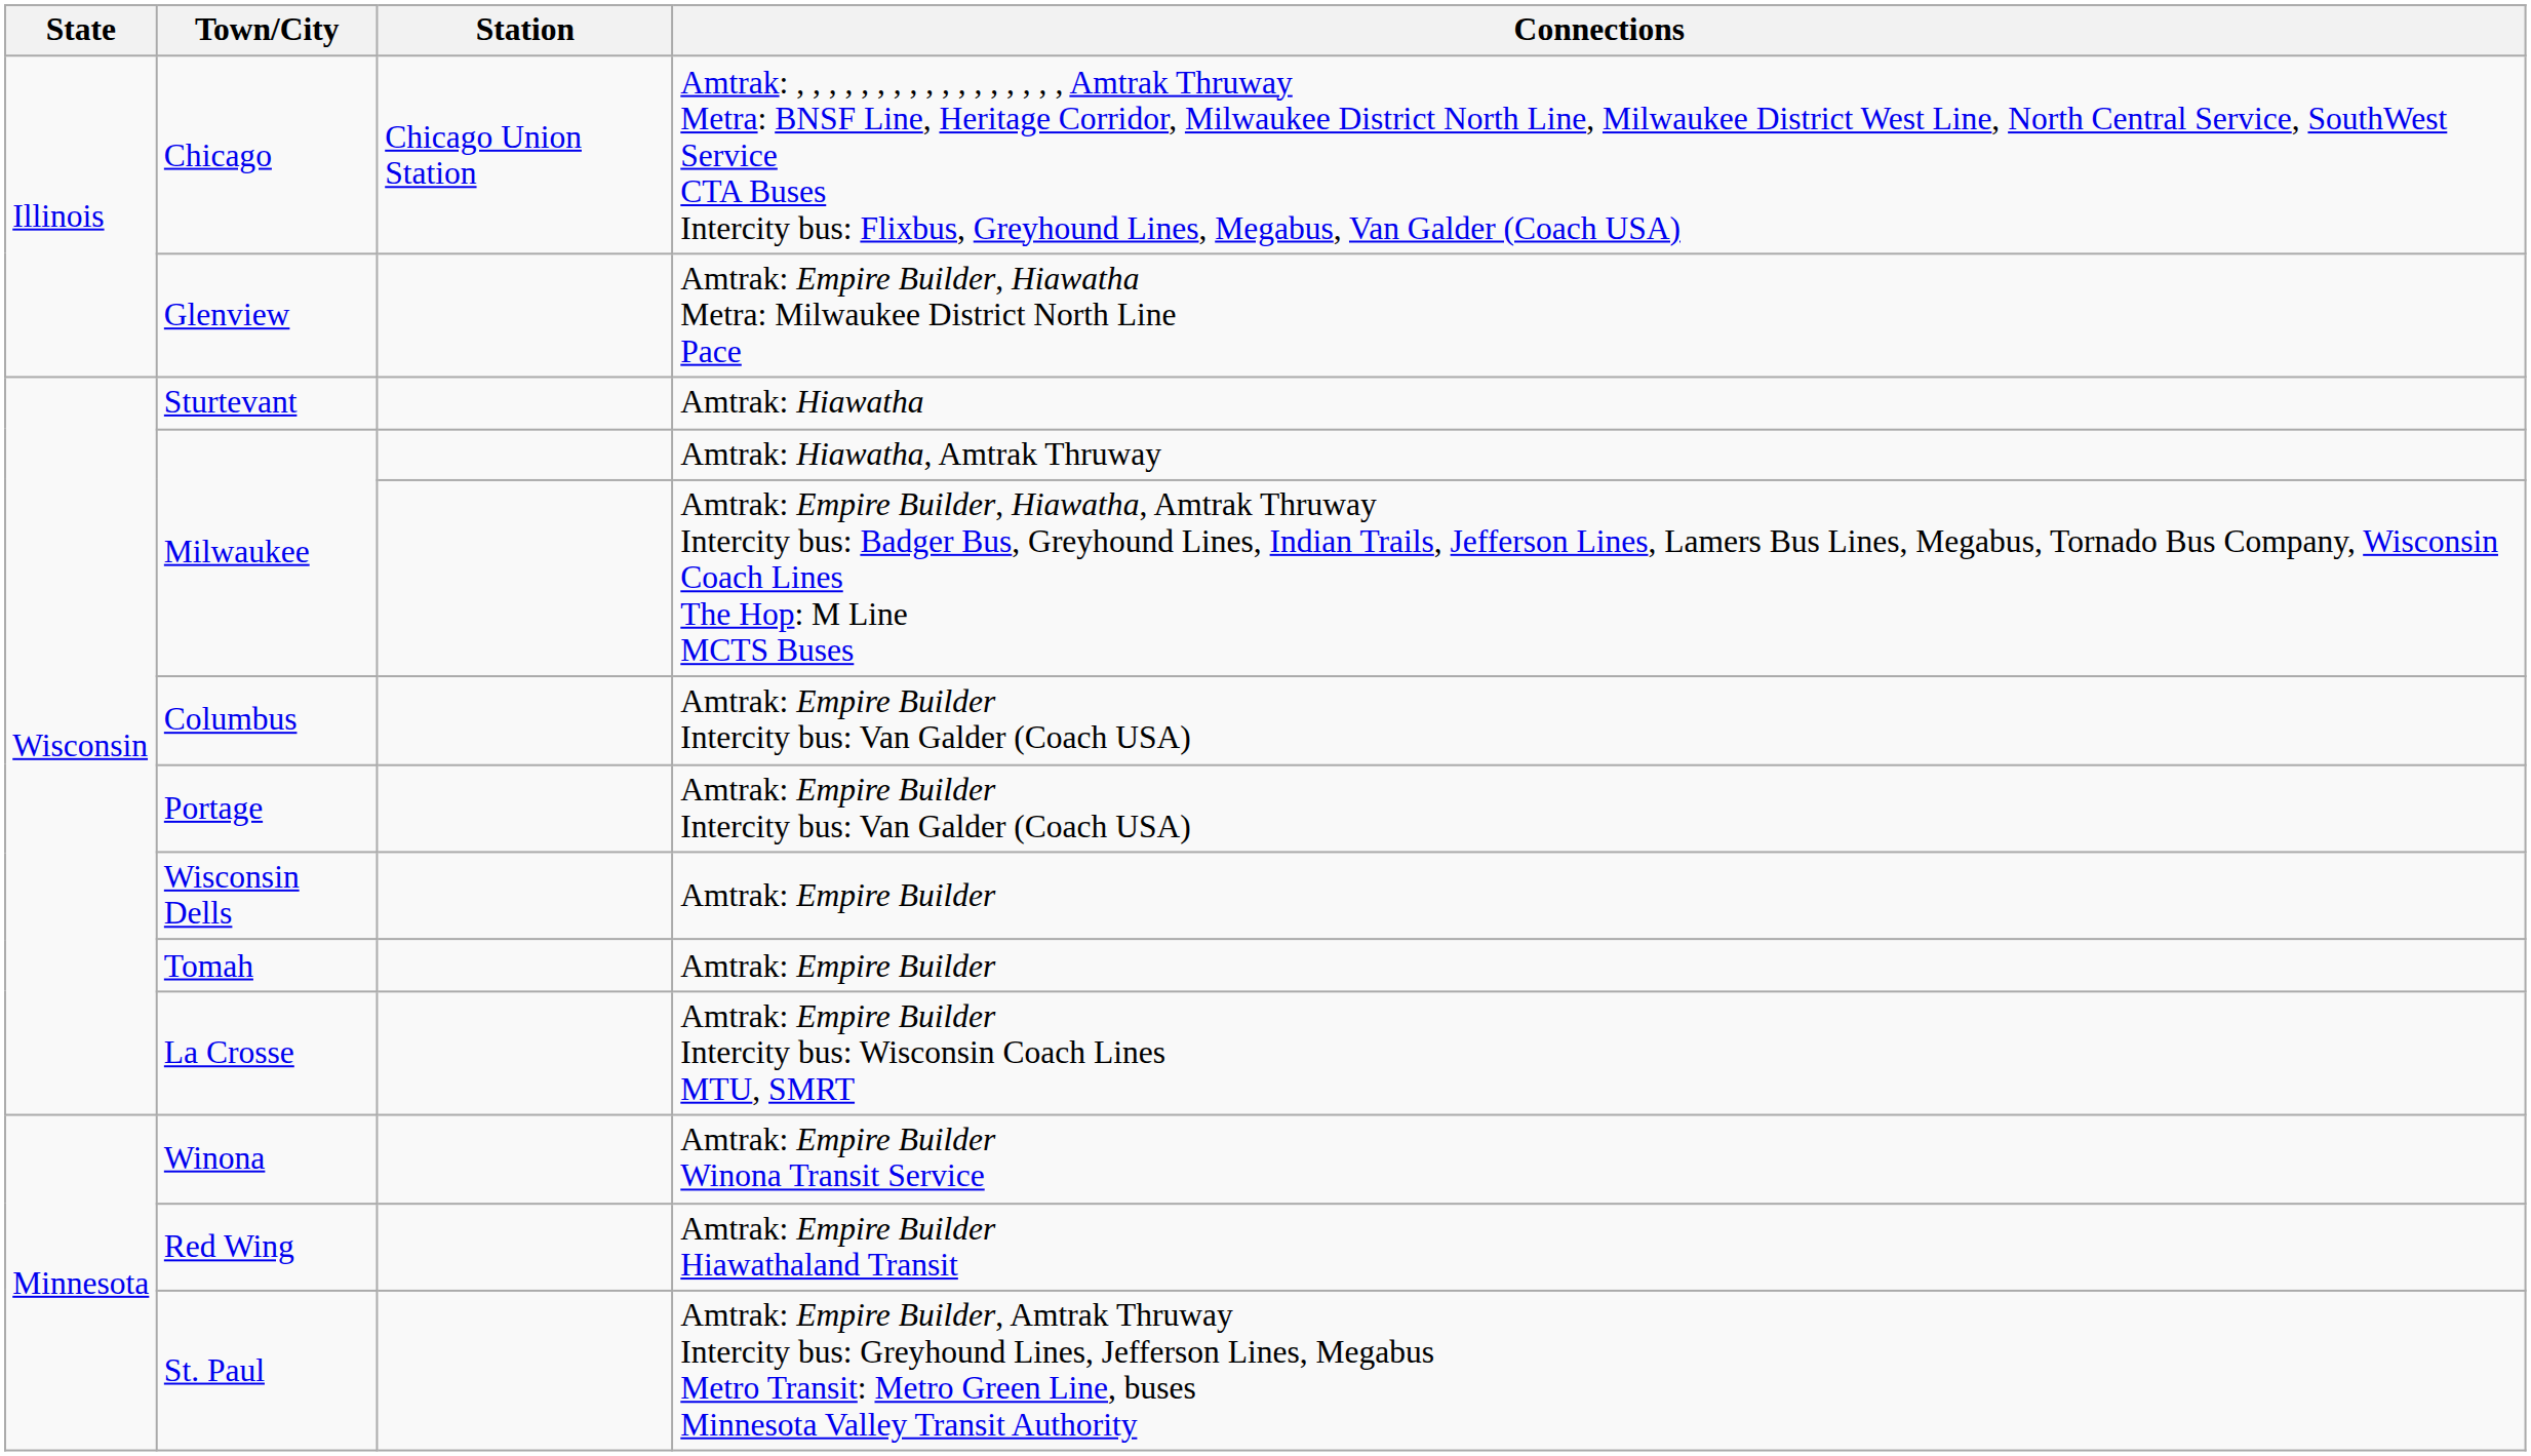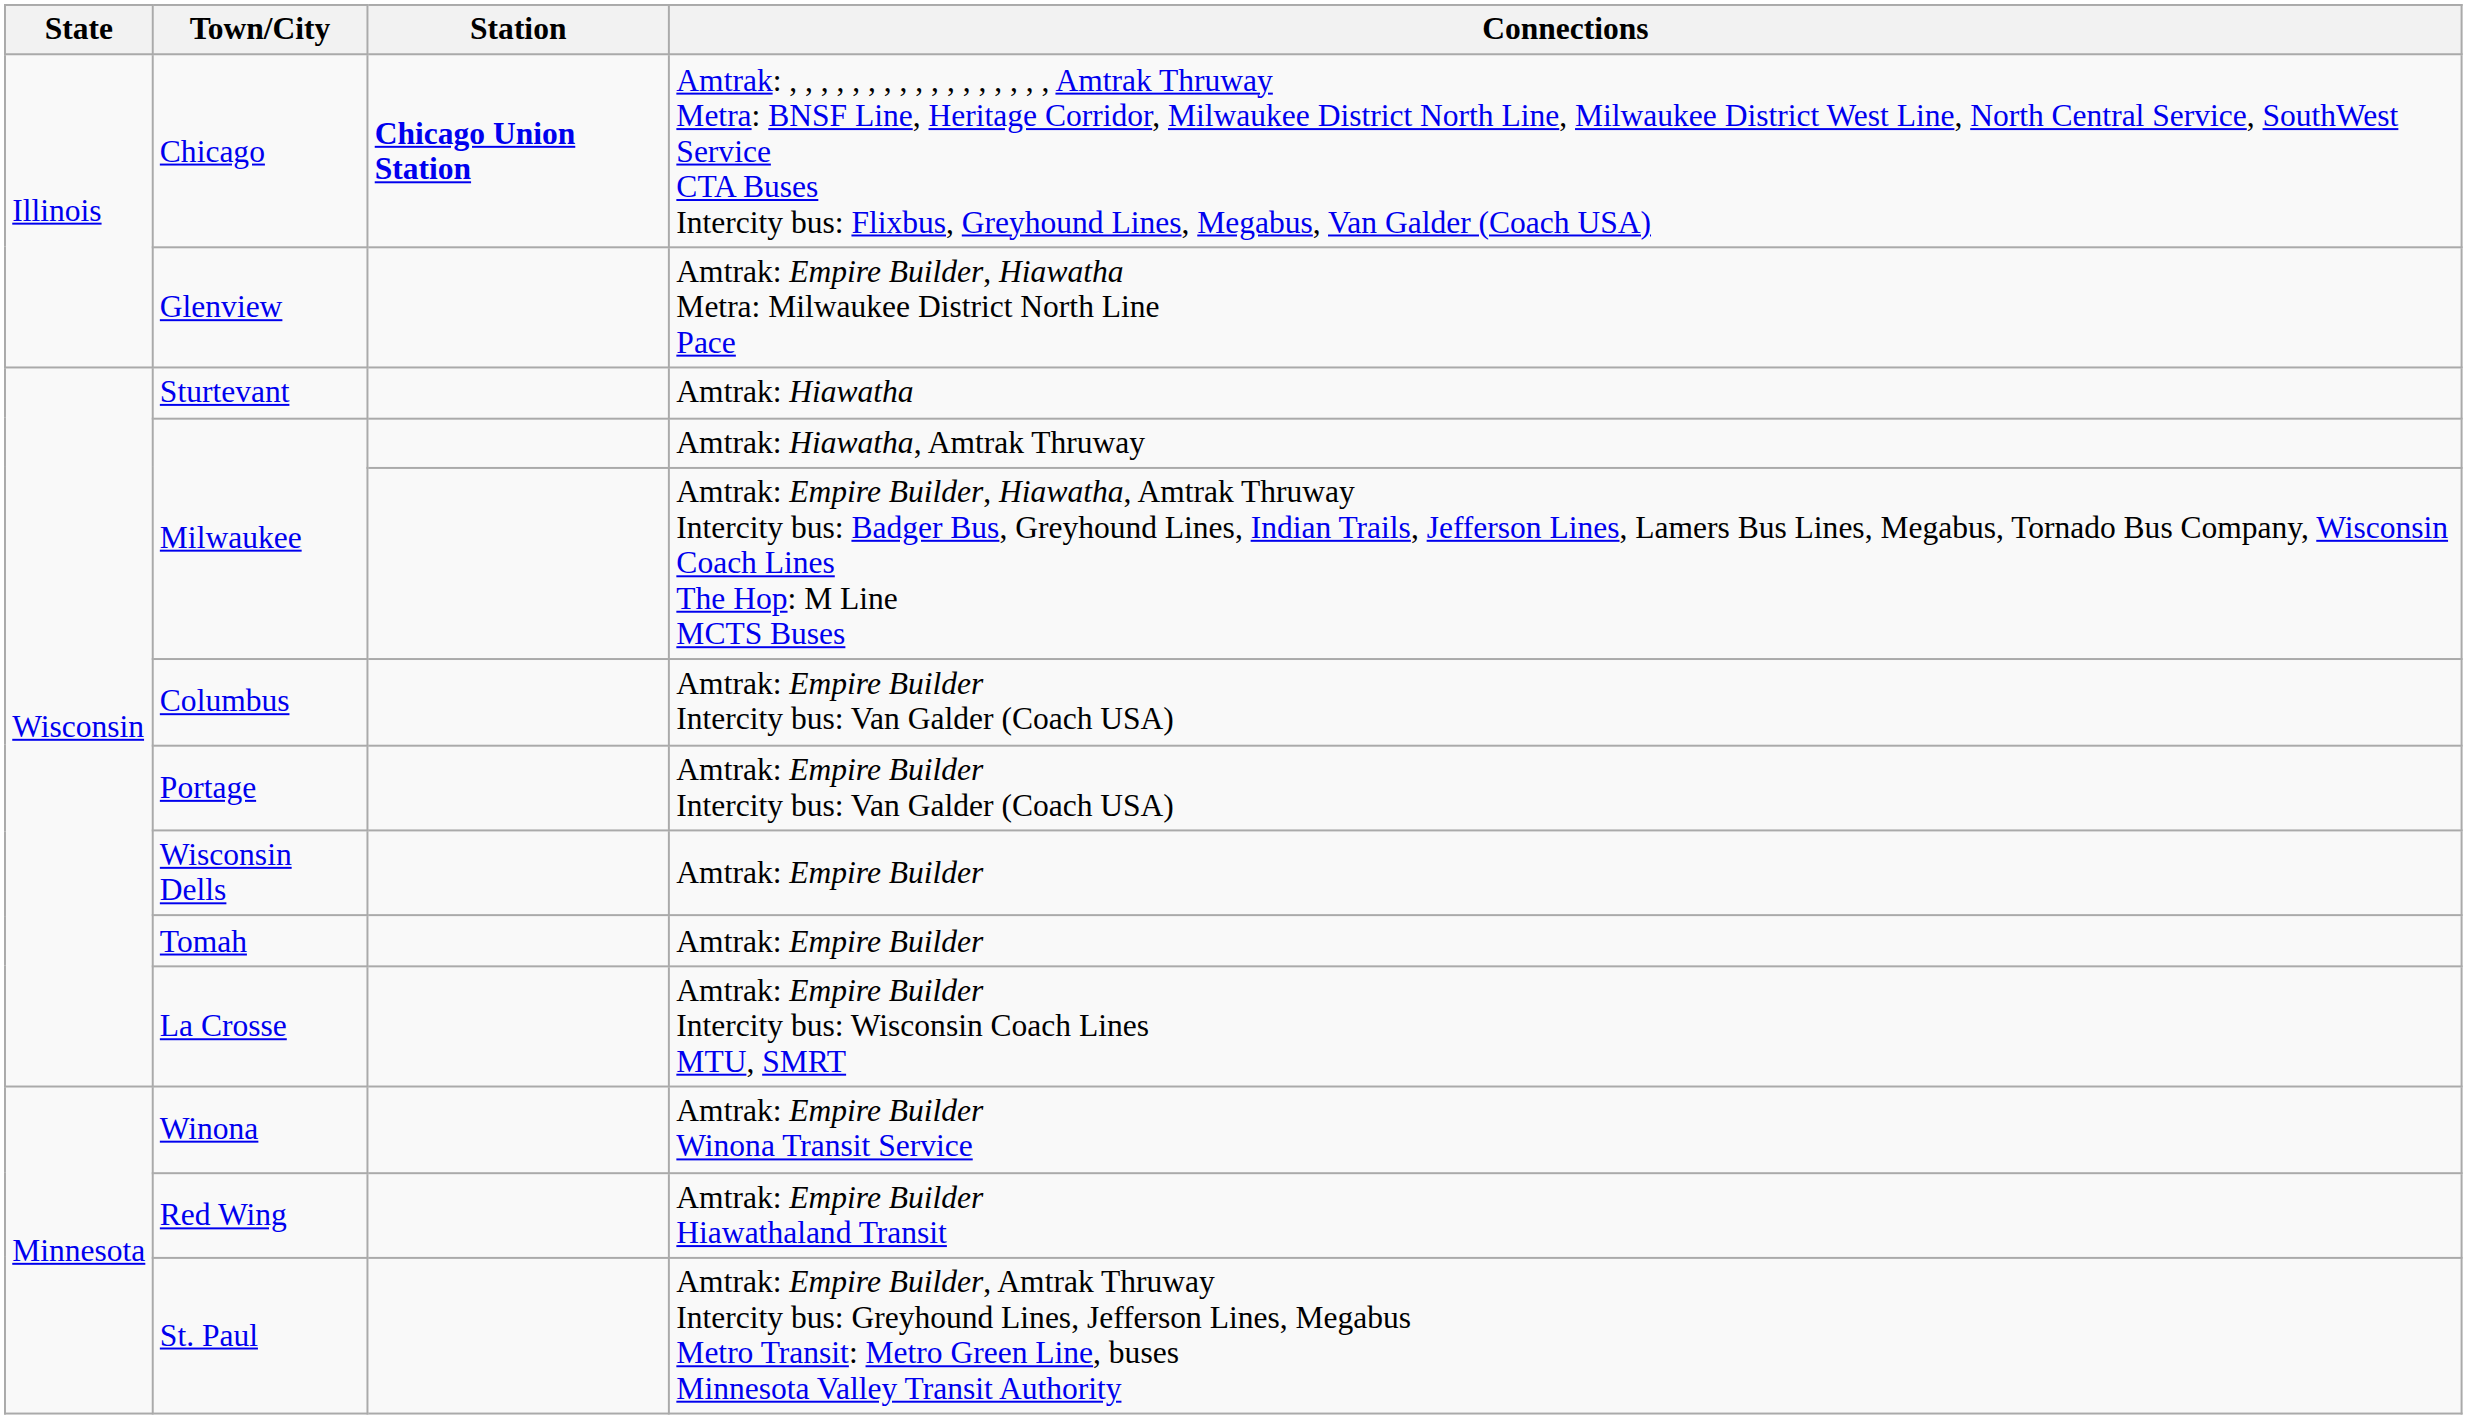 <table class="wikitable">
 <tr>
 <th>State</th>
 <th>Town/City</th>
 <th>Station</th>
 <th>Connections</th>
 </tr>
 <tr>
 <td rowspan=2><a href='#'>Illinois</a></td>
 <td><a href='#'>Chicago</a></td>
-<td><a href='#'>Chicago Union Station</a></td>
+<td><strong><a href='#'>Chicago Union Station</a></strong></td>
 <td> <a href='#'>Amtrak</a>: , , , , , , , , , , , , , , , , , <a href='#'>Amtrak Thruway</a><br> <a href='#'>Metra</a>: <a href='#'>BNSF Line</a>, <a href='#'>Heritage Corridor</a>, <a href='#'>Milwaukee District North Line</a>, <a href='#'>Milwaukee District West Line</a>, <a href='#'>North Central Service</a>, <a href='#'>SouthWest Service</a><br> <a href='#'>CTA Buses</a><br> Intercity bus: <a href='#'>Flixbus</a>, <a href='#'>Greyhound Lines</a>, <a href='#'>Megabus</a>, <a href='#'>Van Galder (Coach USA)</a></td>
 </tr>
 <tr>
 <td><a href='#'>Glenview</a></td>
 <td></td>
 <td> Amtrak: <em>Empire Builder</em>, <em>Hiawatha</em><br> Metra: Milwaukee District North Line<br> <a href='#'>Pace</a></td>
 </tr>
 <tr>
 <td rowspan=8><a href='#'>Wisconsin</a></td>
 <td><a href='#'>Sturtevant</a></td>
 <td></td>
 <td> Amtrak: <em>Hiawatha</em></td>
 </tr>
 <tr>
 <td rowspan=2><a href='#'>Milwaukee</a></td>
 <td></td>
 <td> Amtrak: <em>Hiawatha</em>, Amtrak Thruway</td>
 </tr>
 <tr>
 <td></td>
 <td> Amtrak: <em>Empire Builder</em>, <em>Hiawatha</em>, Amtrak Thruway<br> Intercity bus: <a href='#'>Badger Bus</a>, Greyhound Lines, <a href='#'>Indian Trails</a>, <a href='#'>Jefferson Lines</a>, Lamers Bus Lines, Megabus, Tornado Bus Company, <a href='#'>Wisconsin Coach Lines</a> <br> <a href='#'>The Hop</a>: M Line <br> <a href='#'>MCTS Buses</a></td>
 </tr>
 <tr>
 <td><a href='#'>Columbus</a></td>
 <td></td>
 <td> Amtrak: <em>Empire Builder</em><br> Intercity bus: Van Galder (Coach USA)</td>
 </tr>
 <tr>
 <td><a href='#'>Portage</a></td>
 <td></td>
 <td> Amtrak: <em>Empire Builder</em><br> Intercity bus: Van Galder (Coach USA)</td>
 </tr>
 <tr>
 <td><a href='#'>Wisconsin Dells</a></td>
 <td></td>
 <td> Amtrak: <em>Empire Builder</em></td>
 </tr>
 <tr>
 <td><a href='#'>Tomah</a></td>
 <td></td>
 <td> Amtrak: <em>Empire Builder</em></td>
 </tr>
 <tr>
 <td><a href='#'>La Crosse</a></td>
 <td></td>
 <td> Amtrak: <em>Empire Builder</em><br> Intercity bus: Wisconsin Coach Lines <br> <a href='#'>MTU</a>, <a href='#'>SMRT</a></td>
 </tr>
 <tr>
 <td rowspan=3><a href='#'>Minnesota</a></td>
 <td><a href='#'>Winona</a></td>
 <td></td>
 <td> Amtrak: <em>Empire Builder</em> <br> <a href='#'>Winona Transit Service</a></td>
 </tr>
 <tr>
 <td><a href='#'>Red Wing</a></td>
 <td></td>
 <td> Amtrak: <em>Empire Builder</em><br> <a href='#'>Hiawathaland Transit</a></td>
 </tr>
 <tr>
 <td><a href='#'>St. Paul</a></td>
 <td></td>
 <td> Amtrak: <em>Empire Builder</em>, Amtrak Thruway<br> Intercity bus: Greyhound Lines, Jefferson Lines, Megabus<br> <a href='#'>Metro Transit</a>: <a href='#'>Metro Green Line</a>,  buses <br>  <a href='#'>Minnesota Valley Transit Authority</a></td>
 </tr>
 </table>
